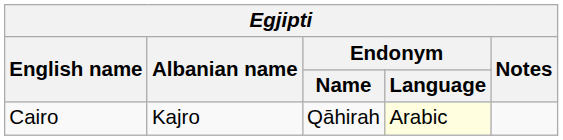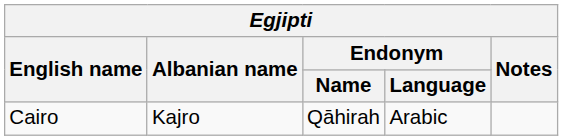 <table class="wikitable sortable">
 <tr>
 <th colspan="5"> <em>Egjipti</em></th>
 </tr>
 <tr>
 <th rowspan="2">English name</th>
 <th rowspan="2">Albanian name</th>
 <th colspan="2">Endonym</th>
 <th rowspan="2">Notes</th>
 </tr>
 <tr>
 <th>Name</th>
 <th>Language</th>
 </tr>
 <tr>
 <td>Cairo</td>
 <td>Kajro</td>
 <td>Qāhirah</td>
-<td style="background: lightyellow;">Arabic</td>
+<td>Arabic</td>
 <td></td>
 </tr>
 </table>
